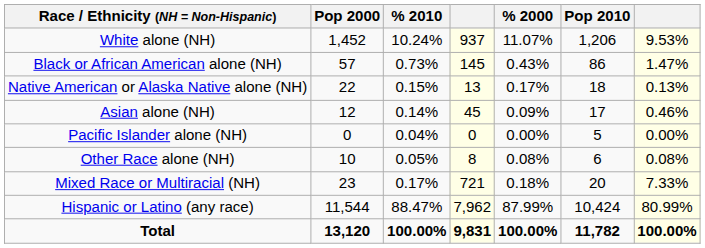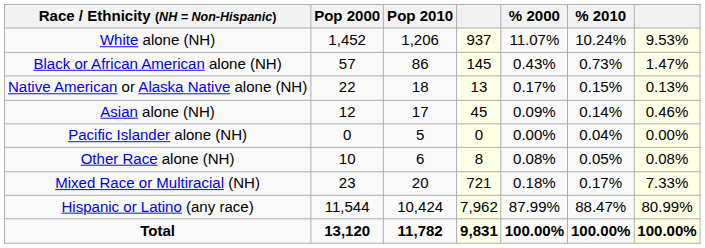 <table class="wikitable" style="text-align:center;">
 <tr>
 <th>Race / Ethnicity <small>(<em>NH = Non-Hispanic</em>)</small></th>
 <th>Pop 2000</th>
-<th>% 2010</th>
+<th>Pop 2010</th>
 <th></th>
 <th>% 2000</th>
-<th>Pop 2010</th>
+<th>% 2010</th>
 <th></th>
 </tr>
 <tr>
 <td><a href='#'>White</a> alone (NH)</td>
 <td>1,452</td>
-<td>10.24%</td>
+<td>1,206</td>
 <td style='background: #ffffe6;'>937</td>
 <td>11.07%</td>
-<td>1,206</td>
+<td>10.24%</td>
 <td style='background: #ffffe6;'>9.53%</td>
 </tr>
 <tr>
 <td><a href='#'>Black or African American</a> alone (NH)</td>
 <td>57</td>
-<td>0.73%</td>
+<td>86</td>
 <td style='background: #ffffe6;'>145</td>
 <td>0.43%</td>
-<td>86</td>
+<td>0.73%</td>
 <td style='background: #ffffe6;'>1.47%</td>
 </tr>
 <tr>
 <td><a href='#'>Native American</a> or <a href='#'>Alaska Native</a> alone (NH)</td>
 <td>22</td>
-<td>0.15%</td>
+<td>18</td>
 <td style='background: #ffffe6;'>13</td>
 <td>0.17%</td>
-<td>18</td>
+<td>0.15%</td>
 <td style='background: #ffffe6;'>0.13%</td>
 </tr>
 <tr>
 <td><a href='#'>Asian</a> alone (NH)</td>
 <td>12</td>
-<td>0.14%</td>
+<td>17</td>
 <td style='background: #ffffe6;'>45</td>
 <td>0.09%</td>
-<td>17</td>
+<td>0.14%</td>
 <td style='background: #ffffe6;'>0.46%</td>
 </tr>
 <tr>
 <td><a href='#'>Pacific Islander</a> alone (NH)</td>
 <td>0</td>
-<td>0.04%</td>
+<td>5</td>
 <td style='background: #ffffe6;'>0</td>
 <td>0.00%</td>
-<td>5</td>
+<td>0.04%</td>
 <td style='background: #ffffe6;'>0.00%</td>
 </tr>
 <tr>
 <td><a href='#'>Other Race</a> alone (NH)</td>
 <td>10</td>
-<td>0.05%</td>
+<td>6</td>
 <td style='background: #ffffe6;'>8</td>
 <td>0.08%</td>
-<td>6</td>
+<td>0.05%</td>
 <td style='background: #ffffe6;'>0.08%</td>
 </tr>
 <tr>
 <td><a href='#'>Mixed Race or Multiracial</a> (NH)</td>
 <td>23</td>
-<td>0.17%</td>
+<td>20</td>
 <td style='background: #ffffe6;'>721</td>
 <td>0.18%</td>
-<td>20</td>
+<td>0.17%</td>
 <td style='background: #ffffe6;'>7.33%</td>
 </tr>
 <tr>
 <td><a href='#'>Hispanic or Latino</a> (any race)</td>
 <td>11,544</td>
-<td>88.47%</td>
+<td>10,424</td>
 <td style='background: #ffffe6;'>7,962</td>
 <td>87.99%</td>
-<td>10,424</td>
+<td>88.47%</td>
 <td style='background: #ffffe6;'>80.99%</td>
 </tr>
 <tr>
 <td><strong>Total</strong></td>
 <td><strong>13,120</strong></td>
-<td><strong>100.00%</strong></td>
+<td><strong>11,782</strong></td>
 <td style='background: #ffffe6;'><strong>9,831</strong></td>
 <td><strong>100.00%</strong></td>
-<td><strong>11,782</strong></td>
+<td><strong>100.00%</strong></td>
 <td style='background: #ffffe6;'><strong>100.00%</strong></td>
 </tr>
 </table>
